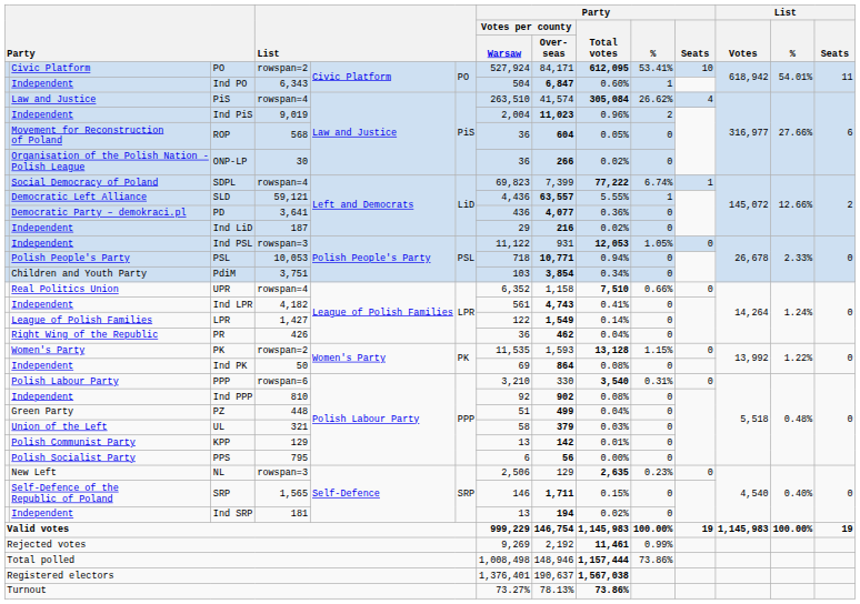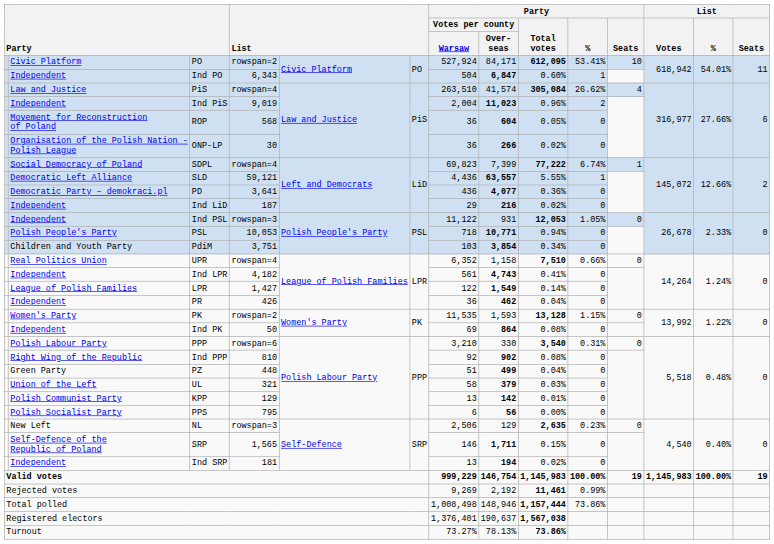 <table class="wikitable" border="1" style="text-align:right;">
 <tr>
 <th style="text-align:left;" valign=bottom rowspan=3 colspan=3>Party</th>
 <th style="text-align:left;" valign=bottom rowspan=3 colspan=3>List</th>
 <th colspan=5>Party</th>
 <th colspan=3>List</th>
 </tr>
 <tr>
 <th colspan=2>Votes per county</th>
 <th align=center valign=bottom rowspan=2 width="50">Total<br>votes</th>
 <th align=center valign=bottom rowspan=2 width="50">%</th>
 <th align=center valign=bottom rowspan=2 width="50">Seats</th>
 <th align=center valign=bottom rowspan=2 width="50">Votes</th>
 <th align=center valign=bottom rowspan=2 width="50">%</th>
 <th align=center valign=bottom rowspan=2 width="50">Seats</th>
 </tr>
 <tr>
 <th align=center valign=bottom width="50"><a href='#'>Warsaw</a></th>
 <th align=center valign=bottom width="50">Over-<br>seas</th>
 </tr>
 <tr style="background:#CEE0F2;">
 <td></td>
 <td align=left><a href='#'>Civic Platform</a></td>
 <td align=left>PO</td>
 <td>rowspan=2 </td>
 <td rowspan=2 align=left><a href='#'>Civic Platform</a></td>
 <td rowspan=2 align=left>PO</td>
 <td>527,924</td>
 <td>84,171</td>
 <td><strong>612,095</strong></td>
 <td>53.41%</td>
 <td>10</td>
 <td rowspan=2>618,942</td>
 <td rowspan=2>54.01%</td>
 <td rowspan=2>11</td>
 </tr>
 <tr style="background:#CEE0F2;">
 <td></td>
 <td align=left><a href='#'>Independent</a></td>
 <td align=left>Ind PO</td>
 <td>6,343</td>
 <td>504</td>
 <td><strong>6,847</strong></td>
 <td>0.60%</td>
 <td>1</td>
 </tr>
 <tr style="background:#CEE0F2;">
 <td></td>
 <td align=left><a href='#'>Law and Justice</a></td>
 <td align=left>PiS</td>
 <td>rowspan=4 </td>
 <td rowspan=4 align=left><a href='#'>Law and Justice</a></td>
 <td rowspan=4 align=left>PiS</td>
 <td>263,510</td>
 <td>41,574</td>
 <td><strong>305,084</strong></td>
 <td>26.62%</td>
 <td>4</td>
 <td rowspan=4>316,977</td>
 <td rowspan=4>27.66%</td>
 <td rowspan=4>6</td>
 </tr>
 <tr style="background:#CEE0F2;">
 <td></td>
 <td align=left><a href='#'>Independent</a></td>
 <td align=left>Ind PiS</td>
 <td>9,019</td>
 <td>2,004</td>
 <td><strong>11,023</strong></td>
 <td>0.96%</td>
 <td>2</td>
 </tr>
 <tr style="background:#CEE0F2;">
 <td></td>
 <td align=left><a href='#'>Movement for Reconstruction<br>of Poland</a></td>
 <td align=left>ROP</td>
 <td>568</td>
 <td>36</td>
 <td><strong>604</strong></td>
 <td>0.05%</td>
 <td>0</td>
 </tr>
 <tr style="background:#CEE0F2;">
 <td></td>
 <td align=left><a href='#'>Organisation of the Polish Nation -<br>Polish League</a></td>
 <td align=left>ONP-LP</td>
 <td>30</td>
 <td>36</td>
 <td><strong>266</strong></td>
 <td>0.02%</td>
 <td>0</td>
 </tr>
 <tr style="background:#CEE0F2;">
 <td></td>
 <td align=left><a href='#'>Social Democracy of Poland</a></td>
 <td align=left>SDPL</td>
 <td>rowspan=4 </td>
 <td rowspan=4 align=left><a href='#'>Left and Democrats</a></td>
 <td rowspan=4 align=left>LiD</td>
 <td>69,823</td>
 <td>7,399</td>
 <td><strong>77,222</strong></td>
 <td>6.74%</td>
 <td>1</td>
 <td rowspan=4>145,072</td>
 <td rowspan=4>12.66%</td>
 <td rowspan=4>2</td>
 </tr>
 <tr style="background:#CEE0F2;">
 <td></td>
 <td align=left style="white-space: nowrap;"><a href='#'>Democratic Left Alliance</a></td>
 <td align=left>SLD</td>
 <td>59,121</td>
 <td>4,436</td>
 <td><strong>63,557</strong></td>
 <td>5.55%</td>
 <td>1</td>
 </tr>
 <tr style="background:#CEE0F2;">
 <td></td>
 <td align=left><a href='#'>Democratic Party – demokraci.pl</a></td>
 <td align=left>PD</td>
 <td>3,641</td>
 <td>436</td>
 <td><strong>4,077</strong></td>
 <td>0.36%</td>
 <td>0</td>
 </tr>
 <tr style="background:#CEE0F2;">
 <td></td>
 <td align=left><a href='#'>Independent</a></td>
 <td align=left>Ind LiD</td>
 <td>187</td>
 <td>29</td>
 <td><strong>216</strong></td>
 <td>0.02%</td>
 <td>0</td>
 </tr>
 <tr style="background:#CEE0F2;">
 <td></td>
 <td align=left><a href='#'>Independent</a></td>
 <td align=left>Ind PSL</td>
 <td>rowspan=3 </td>
 <td rowspan=3 align=left><a href='#'>Polish People's Party</a></td>
 <td rowspan=3 align=left>PSL</td>
 <td>11,122</td>
 <td>931</td>
 <td><strong>12,053</strong></td>
 <td>1.05%</td>
 <td>0</td>
 <td rowspan=3>26,678</td>
 <td rowspan=3>2.33%</td>
 <td rowspan=3>0</td>
 </tr>
 <tr style="background:#CEE0F2;">
 <td></td>
 <td align=left><a href='#'>Polish People's Party</a></td>
 <td align=left>PSL</td>
 <td>10,053</td>
 <td>718</td>
 <td><strong>10,771</strong></td>
 <td>0.94%</td>
 <td>0</td>
 </tr>
 <tr style="background:#CEE0F2;">
 <td></td>
 <td align=left>Children and Youth Party</td>
 <td align=left>PdiM</td>
 <td>3,751</td>
 <td>103</td>
 <td><strong>3,854</strong></td>
 <td>0.34%</td>
 <td>0</td>
 </tr>
 <tr>
 <td></td>
 <td align=left><a href='#'>Real Politics Union</a></td>
 <td align=left>UPR</td>
 <td>rowspan=4 </td>
 <td rowspan=4 align=left><a href='#'>League of Polish Families</a></td>
 <td rowspan=4 align=left>LPR</td>
 <td>6,352</td>
 <td>1,158</td>
 <td><strong>7,510</strong></td>
 <td>0.66%</td>
 <td>0</td>
 <td rowspan=4>14,264</td>
 <td rowspan=4>1.24%</td>
 <td rowspan=4>0</td>
 </tr>
 <tr>
 <td></td>
 <td align=left><a href='#'>Independent</a></td>
 <td align=left>Ind LPR</td>
 <td>4,182</td>
 <td>561</td>
 <td><strong>4,743</strong></td>
 <td>0.41%</td>
 <td>0</td>
 </tr>
 <tr>
 <td></td>
 <td align=left><a href='#'>League of Polish Families</a></td>
 <td align=left>LPR</td>
 <td>1,427</td>
 <td>122</td>
 <td><strong>1,549</strong></td>
 <td>0.14%</td>
 <td>0</td>
 </tr>
 <tr>
 <td></td>
-<td align=left><a href='#'>Right Wing of the Republic</a></td>
+<td align=left><a href='#'>Independent</a></td>
 <td align=left>PR</td>
 <td>426</td>
 <td>36</td>
 <td><strong>462</strong></td>
 <td>0.04%</td>
 <td>0</td>
 </tr>
 <tr>
 <td></td>
 <td align=left><a href='#'>Women's Party</a></td>
 <td align=left>PK</td>
 <td>rowspan=2 </td>
 <td rowspan=2 align=left><a href='#'>Women's Party</a></td>
 <td rowspan=2 align=left>PK</td>
 <td>11,535</td>
 <td>1,593</td>
 <td><strong>13,128</strong></td>
 <td>1.15%</td>
 <td>0</td>
 <td rowspan=2>13,992</td>
 <td rowspan=2>1.22%</td>
 <td rowspan=2>0</td>
 </tr>
 <tr>
 <td></td>
 <td align=left><a href='#'>Independent</a></td>
 <td align=left>Ind PK</td>
 <td>50</td>
 <td>69</td>
 <td><strong>864</strong></td>
 <td>0.08%</td>
 <td>0</td>
 </tr>
 <tr>
 <td></td>
 <td align=left><a href='#'>Polish Labour Party</a></td>
 <td align=left>PPP</td>
 <td>rowspan=6 </td>
 <td rowspan=6 align=left><a href='#'>Polish Labour Party</a></td>
 <td rowspan=6 align=left>PPP</td>
 <td>3,210</td>
 <td>330</td>
 <td><strong>3,540</strong></td>
 <td>0.31%</td>
 <td>0</td>
 <td rowspan=6>5,518</td>
 <td rowspan=6>0.48%</td>
 <td rowspan=6>0</td>
 </tr>
 <tr>
 <td></td>
-<td align=left><a href='#'>Independent</a></td>
+<td align=left><a href='#'>Right Wing of the Republic</a></td>
 <td align=left>Ind PPP</td>
 <td>810</td>
 <td>92</td>
 <td><strong>902</strong></td>
 <td>0.08%</td>
 <td>0</td>
 </tr>
 <tr>
 <td></td>
 <td align=left>Green Party</td>
 <td align=left>PZ</td>
 <td>448</td>
 <td>51</td>
 <td><strong>499</strong></td>
 <td>0.04%</td>
 <td>0</td>
 </tr>
 <tr>
 <td></td>
 <td align=left><a href='#'>Union of the Left</a></td>
 <td align=left>UL</td>
 <td>321</td>
 <td>58</td>
 <td><strong>379</strong></td>
 <td>0.03%</td>
 <td>0</td>
 </tr>
 <tr>
 <td></td>
 <td align=left><a href='#'>Polish Communist Party</a></td>
 <td align=left>KPP</td>
 <td>129</td>
 <td>13</td>
 <td><strong>142</strong></td>
 <td>0.01%</td>
 <td>0</td>
 </tr>
 <tr>
 <td></td>
 <td align=left><a href='#'>Polish Socialist Party</a></td>
 <td align=left>PPS</td>
 <td>795</td>
 <td>6</td>
 <td><strong>56</strong></td>
 <td>0.00%</td>
 <td>0</td>
 </tr>
 <tr>
 <td></td>
 <td align=left>New Left</td>
 <td align=left>NL</td>
 <td>rowspan=3 </td>
 <td rowspan=3 align=left><a href='#'>Self-Defence</a></td>
 <td rowspan=3 align=left>SRP</td>
 <td>2,506</td>
 <td>129</td>
 <td><strong>2,635</strong></td>
 <td>0.23%</td>
 <td>0</td>
 <td rowspan=3>4,540</td>
 <td rowspan=3>0.40%</td>
 <td rowspan=3>0</td>
 </tr>
 <tr>
 <td></td>
 <td align=left><a href='#'>Self-Defence of the<br>Republic of Poland</a></td>
 <td align=left>SRP</td>
 <td>1,565</td>
 <td>146</td>
 <td><strong>1,711</strong></td>
 <td>0.15%</td>
 <td>0</td>
 </tr>
 <tr>
 <td></td>
 <td align=left><a href='#'>Independent</a></td>
 <td align=left>Ind SRP</td>
 <td>181</td>
 <td>13</td>
 <td><strong>194</strong></td>
 <td>0.02%</td>
 <td>0</td>
 </tr>
 <tr style="font-weight:bold">
 <td align=left colspan=6>Valid votes</td>
 <td>999,229</td>
 <td>146,754</td>
 <td>1,145,983</td>
 <td>100.00%</td>
 <td>19</td>
 <td>1,145,983</td>
 <td>100.00%</td>
 <td>19</td>
 </tr>
 <tr>
 <td align=left colspan=6>Rejected votes</td>
 <td>9,269</td>
 <td>2,192</td>
 <td><strong>11,461</strong></td>
 <td>0.99%</td>
 <td></td>
 <td></td>
 <td></td>
 <td></td>
 </tr>
 <tr>
 <td align=left colspan=6>Total polled</td>
 <td>1,008,498</td>
 <td>148,946</td>
 <td><strong>1,157,444</strong></td>
 <td>73.86%</td>
 <td></td>
 <td></td>
 <td></td>
 <td></td>
 </tr>
 <tr>
 <td align=left colspan=6>Registered electors</td>
 <td>1,376,401</td>
 <td>190,637</td>
 <td><strong>1,567,038</strong></td>
 <td></td>
 <td></td>
 <td></td>
 <td></td>
 <td></td>
 </tr>
 <tr>
 <td align=left colspan=6>Turnout</td>
 <td>73.27%</td>
 <td>78.13%</td>
 <td><strong>73.86%</strong></td>
 <td></td>
 <td></td>
 <td></td>
 <td></td>
 <td></td>
 </tr>
 </table>
